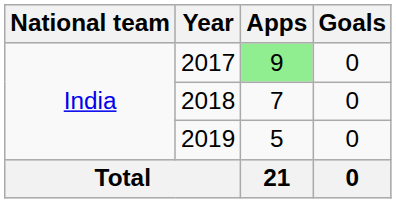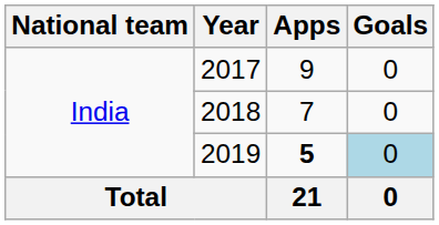 <table class="wikitable" style="text-align:center">
 <tr>
 <th>National team</th>
 <th>Year</th>
 <th>Apps</th>
 <th>Goals</th>
 </tr>
 <tr>
 <td rowspan="3"><a href='#'>India</a></td>
 <td>2017</td>
-<td style="background: lightgreen;">9</td>
+<td>9</td>
 <td>0</td>
 </tr>
 <tr>
 <td>2018</td>
 <td>7</td>
 <td>0</td>
 </tr>
 <tr>
 <td>2019</td>
-<td>5</td>
-<td>0</td>
+<td><strong>5</strong></td>
+<td style="background: lightblue;">0</td>
 </tr>
 <tr>
 <th colspan="2">Total</th>
 <th>21</th>
 <th>0</th>
 </tr>
 </table>
